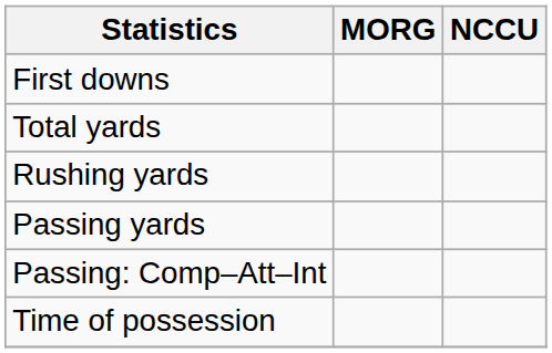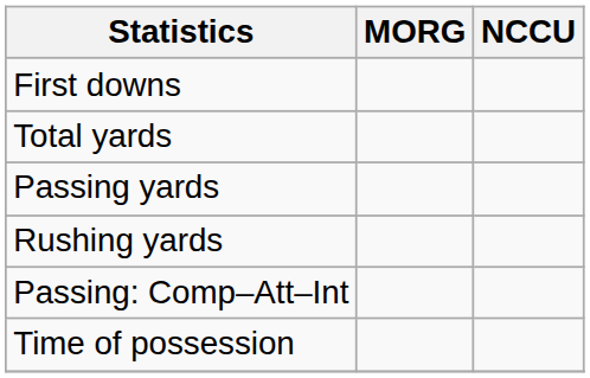 <table class="wikitable" style="float: left;">
 <tr>
 <th>Statistics</th>
 <th>MORG</th>
 <th>NCCU</th>
 </tr>
 <tr>
 <td>First downs</td>
 <td></td>
 <td></td>
 </tr>
 <tr>
 <td>Total yards</td>
 <td></td>
 <td></td>
 </tr>
 <tr>
-<td>Rushing yards</td>
+<td>Passing yards</td>
 <td></td>
 <td></td>
 </tr>
 <tr>
-<td>Passing yards</td>
+<td>Rushing yards</td>
 <td></td>
 <td></td>
 </tr>
 <tr>
 <td>Passing: Comp–Att–Int</td>
 <td></td>
 <td></td>
 </tr>
 <tr>
 <td>Time of possession</td>
 <td></td>
 <td></td>
 </tr>
 <tr>
 </tr>
 </table>
